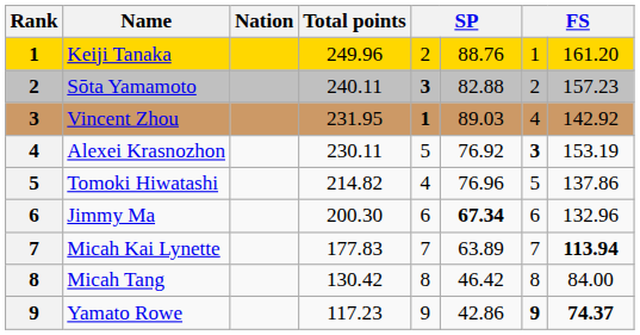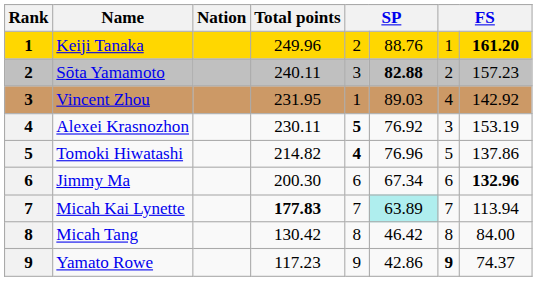 <table class="wikitable sortable">
 <tr>
 <th>Rank</th>
 <th>Name</th>
 <th>Nation</th>
 <th>Total points</th>
 <th colspan="2" width="80px"><a href='#'>SP</a></th>
 <th colspan="2" width="80px"><a href='#'>FS</a></th>
 </tr>
 <tr bgcolor="gold">
 <td align="center"><strong>1</strong></td>
 <td><a href='#'>Keiji Tanaka</a></td>
 <td></td>
 <td align="center">249.96</td>
 <td align="center">2</td>
 <td align="center">88.76</td>
 <td align="center">1</td>
-<td align="center">161.20</td>
+<td align="center"><strong>161.20</strong></td>
 </tr>
 <tr bgcolor="silver">
 <td align="center"><strong>2</strong></td>
 <td><a href='#'>Sōta Yamamoto</a></td>
 <td></td>
 <td align="center">240.11</td>
-<td align="center"><strong>3</strong></td>
-<td align="center">82.88</td>
+<td align="center">3</td>
+<td align="center"><strong>82.88</strong></td>
 <td align="center">2</td>
 <td align="center">157.23</td>
 </tr>
 <tr bgcolor="cc9966">
 <td align="center"><strong>3</strong></td>
 <td><a href='#'>Vincent Zhou</a></td>
 <td></td>
 <td align="center">231.95</td>
-<td align="center"><strong>1</strong></td>
+<td align="center">1</td>
 <td align="center">89.03</td>
 <td align="center">4</td>
 <td align="center">142.92</td>
 </tr>
 <tr>
 <th>4</th>
 <td><a href='#'>Alexei Krasnozhon</a></td>
 <td></td>
 <td align="center">230.11</td>
-<td align="center">5</td>
+<td align="center"><strong>5</strong></td>
 <td align="center">76.92</td>
-<td align="center"><strong>3</strong></td>
+<td align="center">3</td>
 <td align="center">153.19</td>
 </tr>
 <tr>
 <th>5</th>
 <td><a href='#'>Tomoki Hiwatashi</a></td>
 <td></td>
 <td align="center">214.82</td>
-<td align="center">4</td>
+<td align="center"><strong>4</strong></td>
 <td align="center">76.96</td>
 <td align="center">5</td>
 <td align="center">137.86</td>
 </tr>
 <tr>
 <th>6</th>
 <td><a href='#'>Jimmy Ma</a></td>
 <td></td>
 <td align="center">200.30</td>
 <td align="center">6</td>
-<td align="center"><strong>67.34</strong></td>
+<td align="center">67.34</td>
 <td align="center">6</td>
-<td align="center">132.96</td>
+<td align="center"><strong>132.96</strong></td>
 </tr>
 <tr>
 <th>7</th>
 <td><a href='#'>Micah Kai Lynette</a></td>
 <td></td>
-<td align="center">177.83</td>
+<td align="center"><strong>177.83</strong></td>
 <td align="center">7</td>
-<td align="center">63.89</td>
+<td align="center" style="background: paleturquoise;">63.89</td>
 <td align="center">7</td>
-<td align="center"><strong>113.94</strong></td>
+<td align="center">113.94</td>
 </tr>
 <tr>
 <th>8</th>
 <td><a href='#'>Micah Tang</a></td>
 <td></td>
 <td align="center">130.42</td>
 <td align="center">8</td>
 <td align="center">46.42</td>
 <td align="center">8</td>
 <td align="center">84.00</td>
 </tr>
 <tr>
 <th>9</th>
 <td><a href='#'>Yamato Rowe</a></td>
 <td></td>
 <td align="center">117.23</td>
 <td align="center">9</td>
 <td align="center">42.86</td>
 <td align="center"><strong>9</strong></td>
-<td align="center"><strong>74.37</strong></td>
+<td align="center">74.37</td>
 </tr>
 </table>
